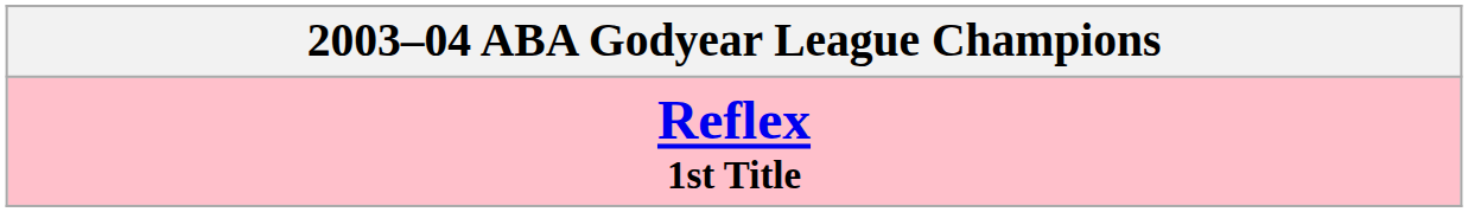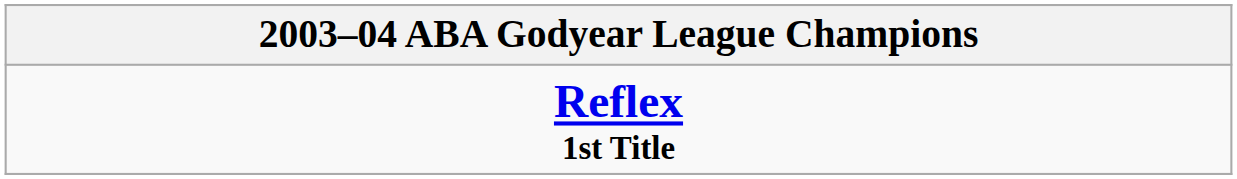 <table class="wikitable" style="margin: 0 auto; width: 30%;">
 <tr>
 <th><big>2003–04 ABA Godyear League Champions</big></th>
 </tr>
 <tr>
-<td align=center style="background: pink;"><big><big><strong><a href='#'>Reflex</a></strong><br></big></big><strong>1st Title</strong></td>
+<td align=center><big><big><strong><a href='#'>Reflex</a></strong><br></big></big><strong>1st Title</strong></td>
 </tr>
 </table>
